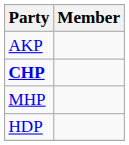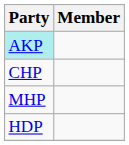 <table class="wikitable">
 <tr>
 <th>Party</th>
 <th colspan="2">Member</th>
 </tr>
 <tr>
-<td><a href='#'>AKP</a></td>
+<td style="background: paleturquoise;"><a href='#'>AKP</a></td>
 <td></td>
 </tr>
 <tr>
-<td><strong><a href='#'>CHP</a></strong></td>
+<td><a href='#'>CHP</a></td>
 <td></td>
 </tr>
 <tr>
 <td><a href='#'>MHP</a></td>
 <td></td>
 </tr>
 <tr>
 <td><a href='#'>HDP</a></td>
 <td></td>
 </tr>
 <tr>
 </tr>
 </table>
